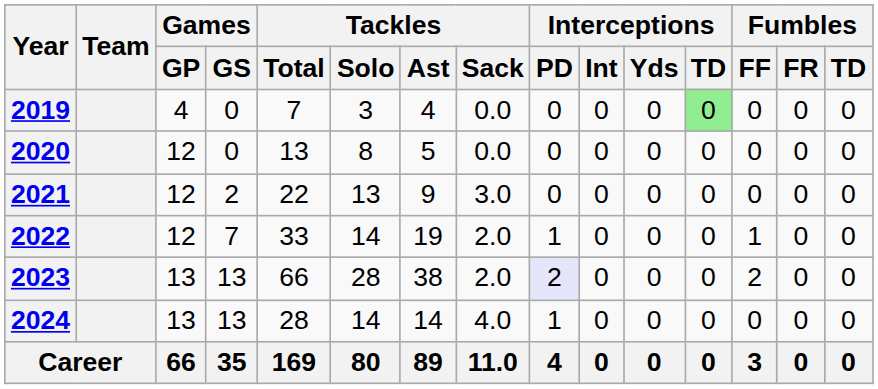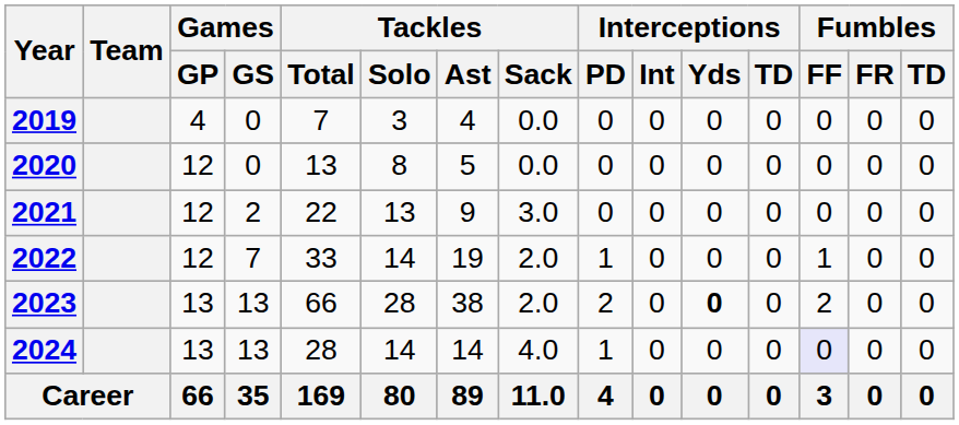 <table class="wikitable" style="text-align:center;">
 <tr>
 <th rowspan="2">Year</th>
 <th rowspan="2">Team</th>
 <th colspan="2">Games</th>
 <th colspan="4">Tackles</th>
 <th colspan="4">Interceptions</th>
 <th colspan="3">Fumbles</th>
 </tr>
 <tr>
 <th>GP</th>
 <th>GS</th>
 <th>Total</th>
 <th>Solo</th>
 <th>Ast</th>
 <th>Sack</th>
 <th>PD</th>
 <th>Int</th>
 <th>Yds</th>
 <th>TD</th>
 <th>FF</th>
 <th>FR</th>
 <th>TD</th>
 </tr>
 <tr>
 <th><a href='#'>2019</a></th>
 <th><a href='#'></a></th>
 <td>4</td>
 <td>0</td>
 <td>7</td>
 <td>3</td>
 <td>4</td>
 <td>0.0</td>
 <td>0</td>
 <td>0</td>
 <td>0</td>
-<td style="background: lightgreen;">0</td>
+<td>0</td>
 <td>0</td>
 <td>0</td>
 <td>0</td>
 </tr>
 <tr>
 <th><a href='#'>2020</a></th>
 <th><a href='#'></a></th>
 <td>12</td>
 <td>0</td>
 <td>13</td>
 <td>8</td>
 <td>5</td>
 <td>0.0</td>
 <td>0</td>
 <td>0</td>
 <td>0</td>
 <td>0</td>
 <td>0</td>
 <td>0</td>
 <td>0</td>
 </tr>
 <tr>
 <th><a href='#'>2021</a></th>
 <th><a href='#'></a></th>
 <td>12</td>
 <td>2</td>
 <td>22</td>
 <td>13</td>
 <td>9</td>
 <td>3.0</td>
 <td>0</td>
 <td>0</td>
 <td>0</td>
 <td>0</td>
 <td>0</td>
 <td>0</td>
 <td>0</td>
 </tr>
 <tr>
 <th><a href='#'>2022</a></th>
 <th><a href='#'></a></th>
 <td>12</td>
 <td>7</td>
 <td>33</td>
 <td>14</td>
 <td>19</td>
 <td>2.0</td>
 <td>1</td>
 <td>0</td>
 <td>0</td>
 <td>0</td>
 <td>1</td>
 <td>0</td>
 <td>0</td>
 </tr>
 <tr>
 <th><a href='#'>2023</a></th>
 <th><a href='#'></a></th>
 <td>13</td>
 <td>13</td>
 <td>66</td>
 <td>28</td>
 <td>38</td>
 <td>2.0</td>
-<td style="background: lavender;">2</td>
+<td>2</td>
 <td>0</td>
-<td>0</td>
+<td><strong>0</strong></td>
 <td>0</td>
 <td>2</td>
 <td>0</td>
 <td>0</td>
 </tr>
 <tr>
 <th><a href='#'>2024</a></th>
 <th><a href='#'></a></th>
 <td>13</td>
 <td>13</td>
 <td>28</td>
 <td>14</td>
 <td>14</td>
 <td>4.0</td>
 <td>1</td>
 <td>0</td>
 <td>0</td>
 <td>0</td>
-<td>0</td>
+<td style="background: lavender;">0</td>
 <td>0</td>
 <td>0</td>
 </tr>
 <tr>
 <th align=center colspan="2">Career</th>
 <th>66</th>
 <th>35</th>
 <th>169</th>
 <th>80</th>
 <th>89</th>
 <th>11.0</th>
 <th>4</th>
 <th>0</th>
 <th>0</th>
 <th>0</th>
 <th>3</th>
 <th>0</th>
 <th>0</th>
 </tr>
 </table>
